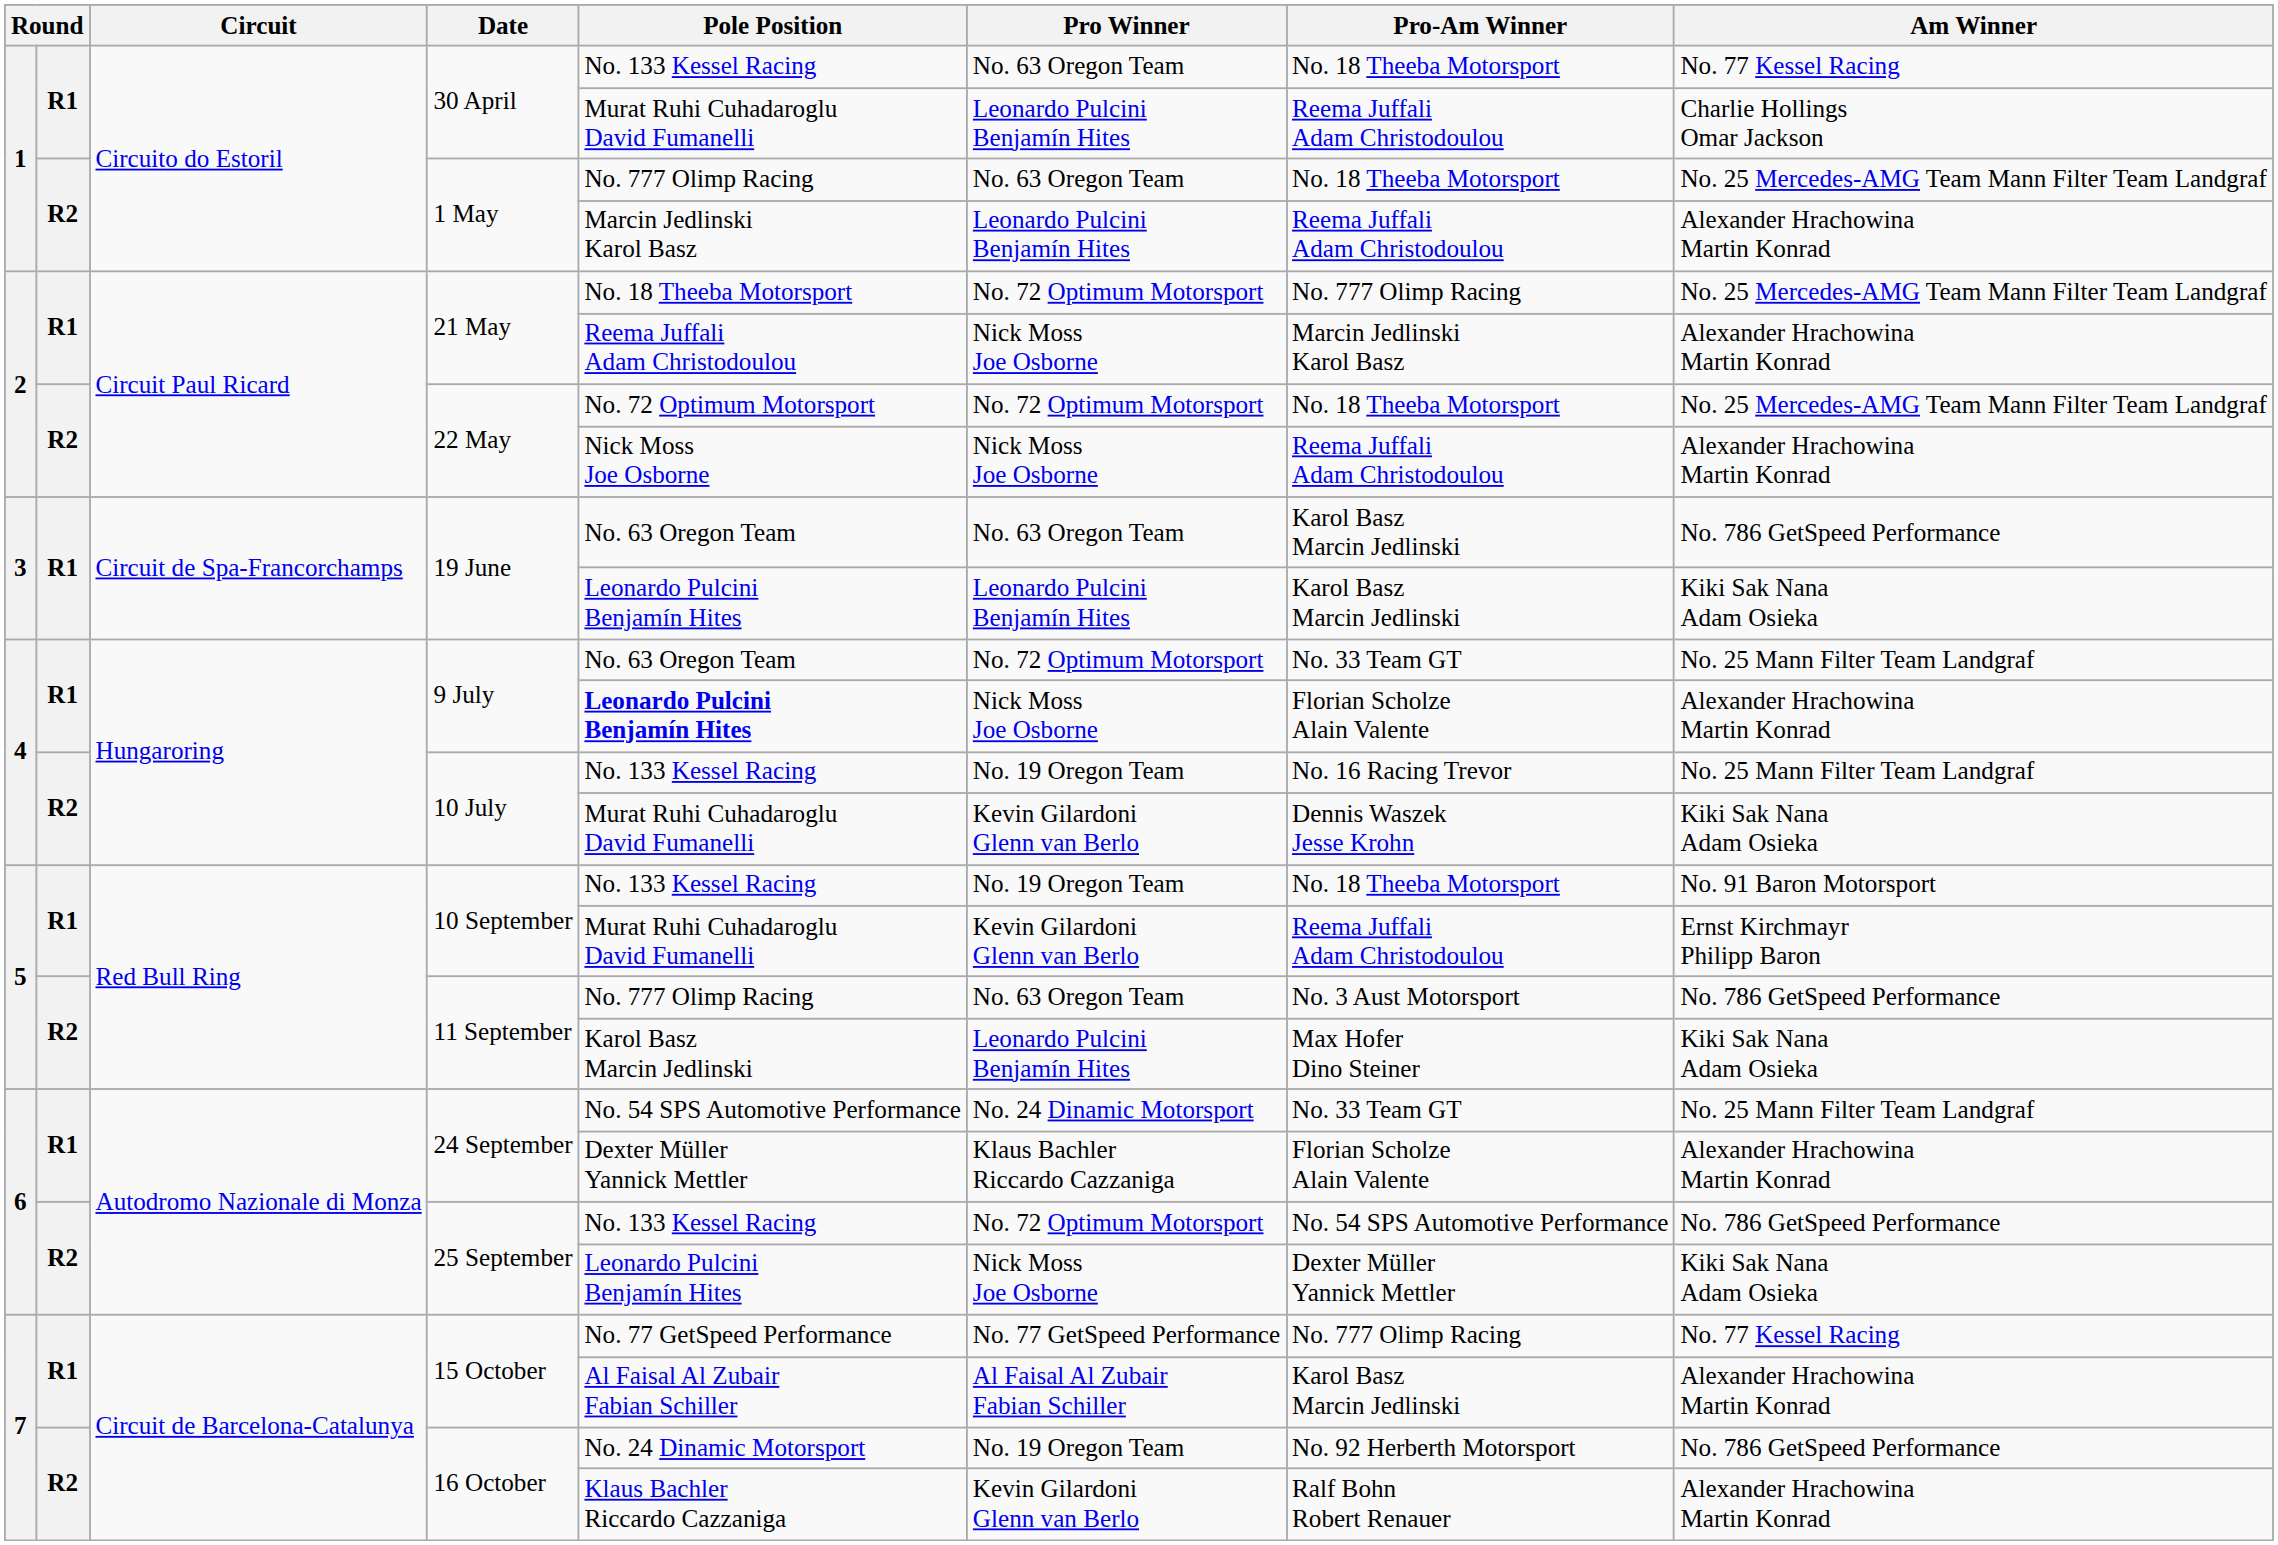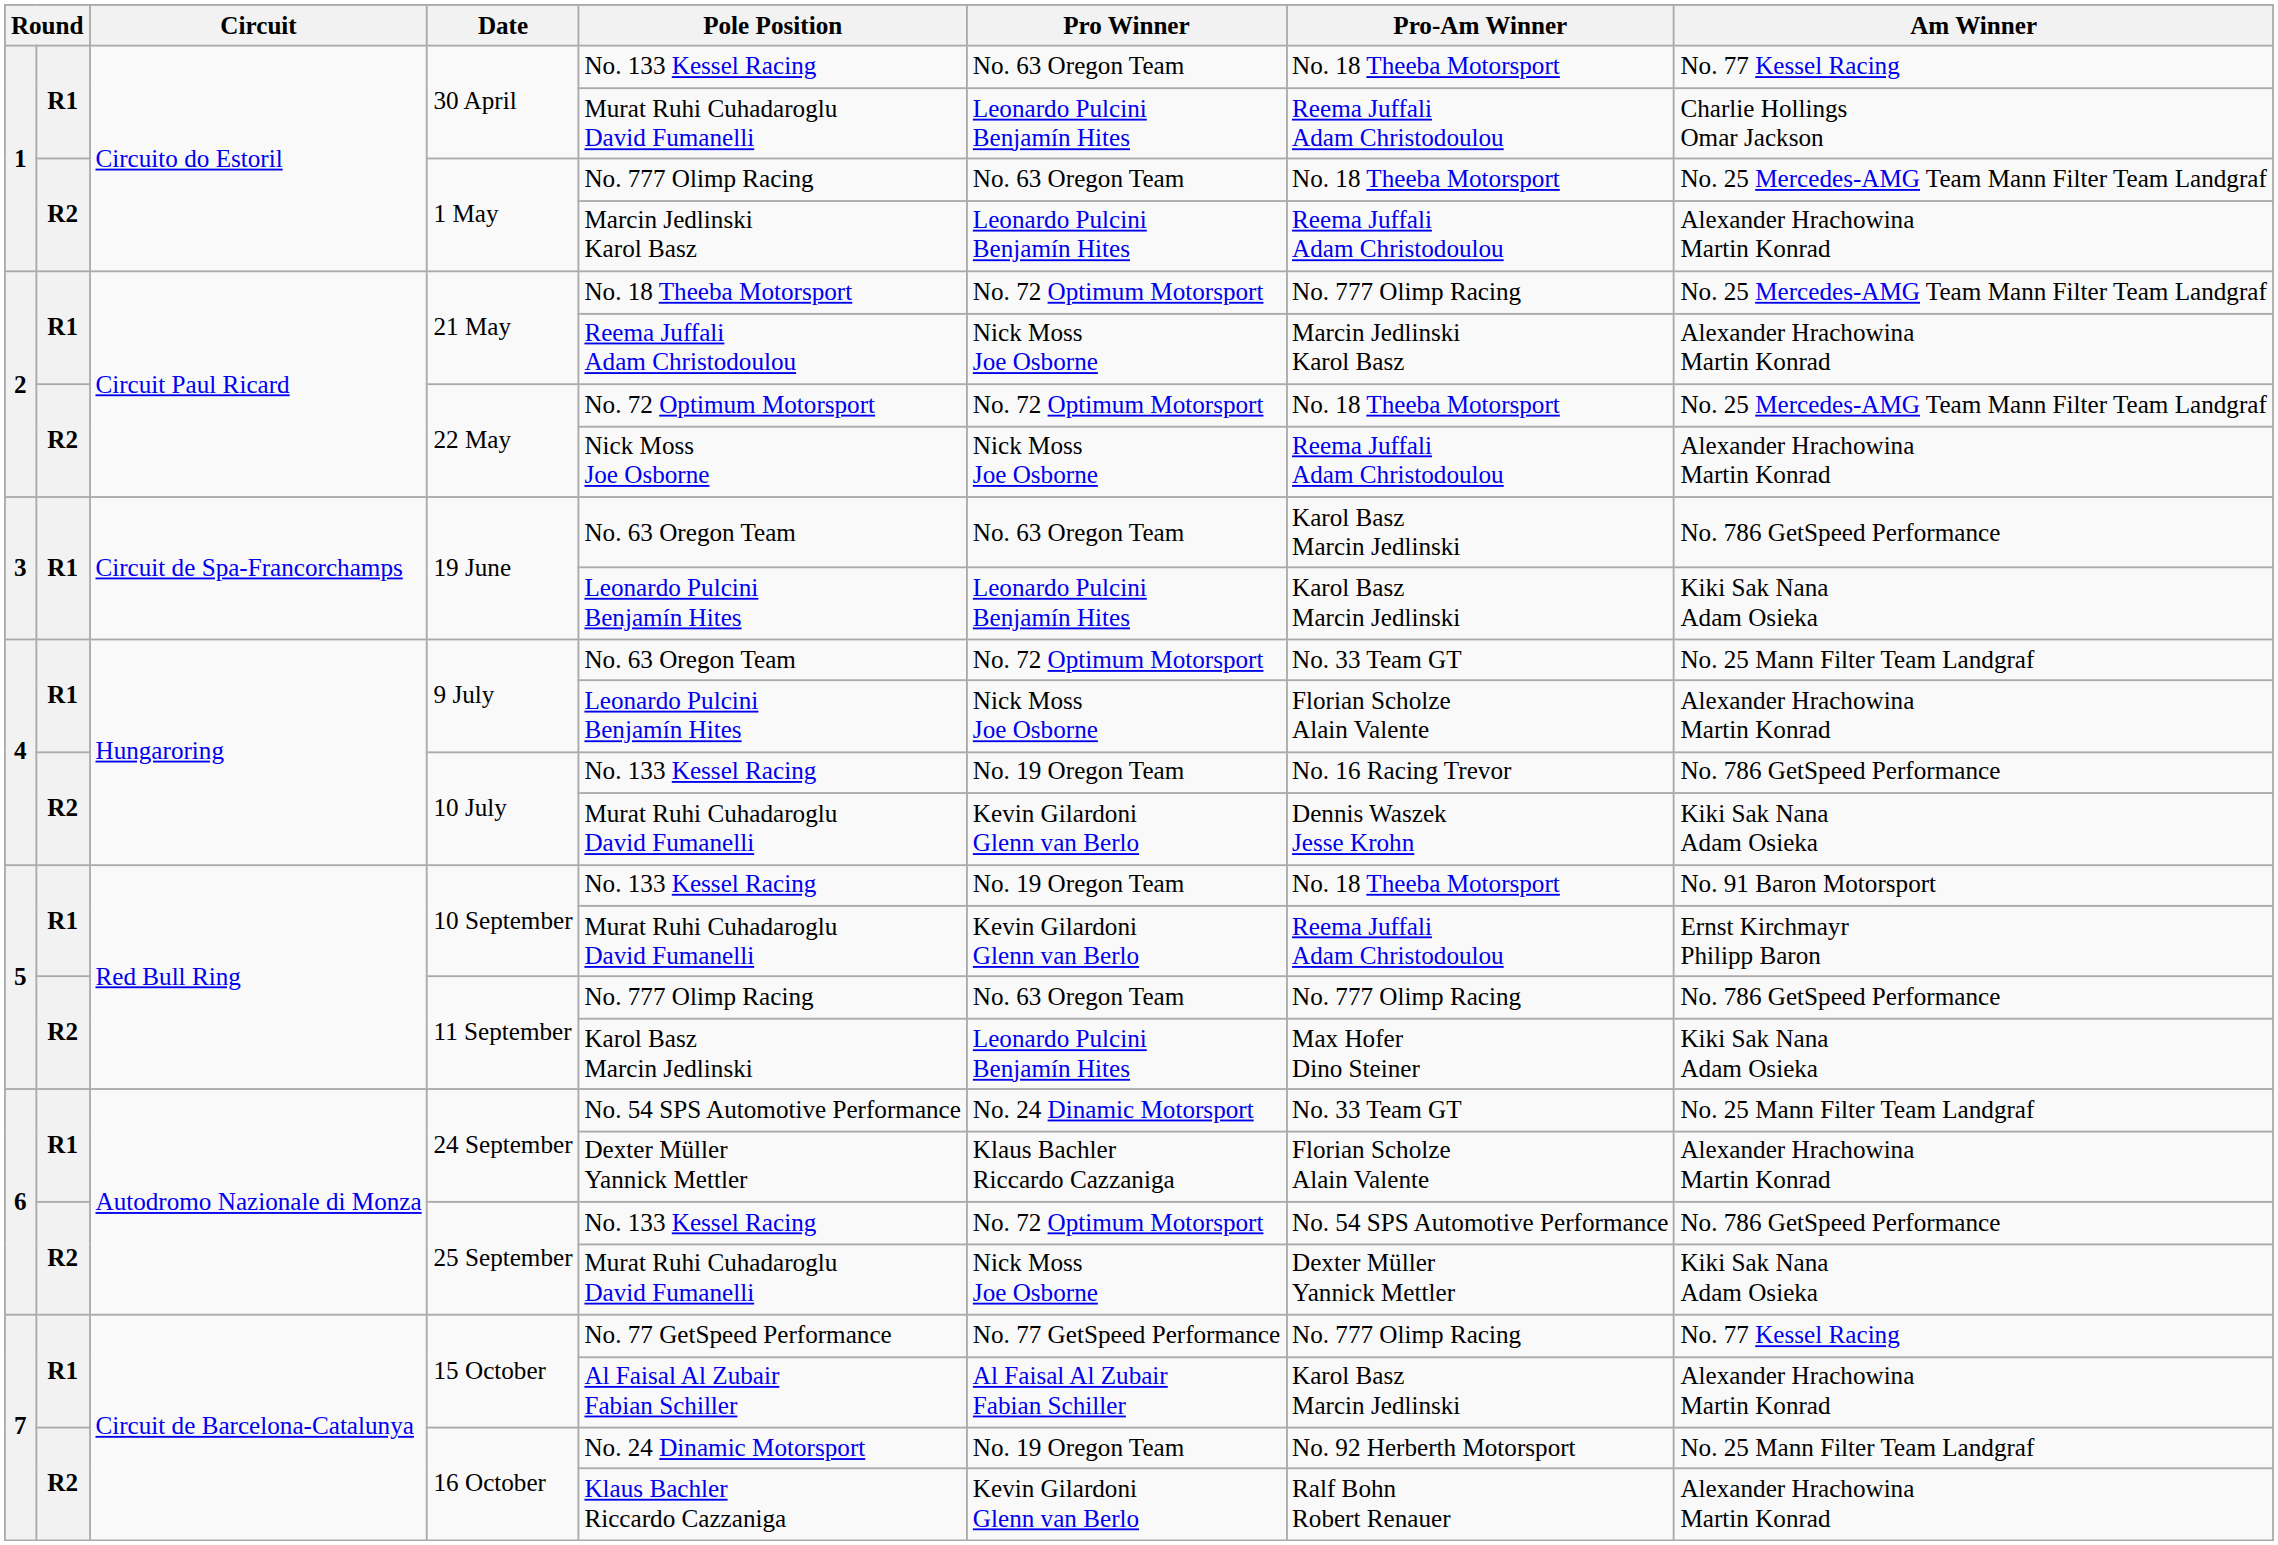 <table class="wikitable" style="font-size: 85%;">
 <tr>
 <th colspan="2">Round</th>
 <th>Circuit</th>
 <th>Date</th>
 <th>Pole Position</th>
 <th>Pro Winner</th>
 <th>Pro-Am Winner</th>
 <th>Am Winner</th>
 </tr>
 <tr>
 <th rowspan="4">1</th>
 <th rowspan="2">R1</th>
 <td rowspan="4"> <a href='#'>Circuito do Estoril</a></td>
 <td rowspan="2">30 April</td>
 <td nowrap> No. 133 <a href='#'>Kessel Racing</a></td>
 <td nowrap> No. 63 Oregon Team</td>
 <td nowrap> No. 18 <a href='#'>Theeba Motorsport</a></td>
 <td nowrap> No. 77 <a href='#'>Kessel Racing</a></td>
 </tr>
 <tr>
 <td nowrap> Murat Ruhi Cuhadaroglu<br> <a href='#'>David Fumanelli</a></td>
 <td nowrap> <a href='#'>Leonardo Pulcini</a><br> <a href='#'>Benjamín Hites</a></td>
 <td nowrap> <a href='#'>Reema Juffali</a><br> <a href='#'>Adam Christodoulou</a></td>
 <td nowrap> Charlie Hollings<br> Omar Jackson</td>
 </tr>
 <tr>
 <th rowspan="2">R2</th>
 <td rowspan="2">1 May</td>
 <td nowrap> No. 777 Olimp Racing</td>
 <td nowrap> No. 63 Oregon Team</td>
 <td nowrap> No. 18 <a href='#'>Theeba Motorsport</a></td>
 <td nowrap> No. 25 <a href='#'>Mercedes-AMG</a> Team Mann Filter Team Landgraf</td>
 </tr>
 <tr>
 <td nowrap> Marcin Jedlinski<br> Karol Basz</td>
 <td nowrap> <a href='#'>Leonardo Pulcini</a><br> <a href='#'>Benjamín Hites</a></td>
 <td nowrap> <a href='#'>Reema Juffali</a><br> <a href='#'>Adam Christodoulou</a></td>
 <td nowrap> Alexander Hrachowina<br> Martin Konrad</td>
 </tr>
 <tr>
 <th rowspan="4">2</th>
 <th rowspan="2">R1</th>
 <td rowspan="4"> <a href='#'>Circuit Paul Ricard</a></td>
 <td rowspan="2">21 May</td>
 <td nowrap> No. 18 <a href='#'>Theeba Motorsport</a></td>
 <td nowrap> No. 72 <a href='#'>Optimum Motorsport</a></td>
 <td nowrap> No. 777 Olimp Racing</td>
 <td nowrap> No. 25 <a href='#'>Mercedes-AMG</a> Team Mann Filter Team Landgraf</td>
 </tr>
 <tr>
 <td nowrap> <a href='#'>Reema Juffali</a><br> <a href='#'>Adam Christodoulou</a></td>
 <td nowrap> Nick Moss<br> <a href='#'>Joe Osborne</a></td>
 <td nowrap> Marcin Jedlinski<br> Karol Basz</td>
 <td nowrap> Alexander Hrachowina<br> Martin Konrad</td>
 </tr>
 <tr>
 <th rowspan="2">R2</th>
 <td rowspan="2">22 May</td>
 <td nowrap> No. 72 <a href='#'>Optimum Motorsport</a></td>
 <td nowrap> No. 72 <a href='#'>Optimum Motorsport</a></td>
 <td nowrap> No. 18 <a href='#'>Theeba Motorsport</a></td>
 <td nowrap> No. 25 <a href='#'>Mercedes-AMG</a> Team Mann Filter Team Landgraf</td>
 </tr>
 <tr>
 <td nowrap> Nick Moss<br> <a href='#'>Joe Osborne</a></td>
 <td nowrap> Nick Moss<br> <a href='#'>Joe Osborne</a></td>
 <td nowrap> <a href='#'>Reema Juffali</a><br> <a href='#'>Adam Christodoulou</a></td>
 <td nowrap> Alexander Hrachowina<br> Martin Konrad</td>
 </tr>
 <tr>
 <th rowspan="2">3</th>
 <th rowspan="2">R1</th>
 <td rowspan="2"> <a href='#'>Circuit de Spa-Francorchamps</a></td>
 <td rowspan="2">19 June</td>
 <td> No. 63 Oregon Team</td>
 <td> No. 63 Oregon Team</td>
 <td> Karol Basz<br> Marcin Jedlinski</td>
 <td> No. 786 GetSpeed Performance</td>
 </tr>
 <tr>
 <td> <a href='#'>Leonardo Pulcini</a><br> <a href='#'>Benjamín Hites</a></td>
 <td> <a href='#'>Leonardo Pulcini</a><br> <a href='#'>Benjamín Hites</a></td>
 <td> Karol Basz<br> Marcin Jedlinski</td>
 <td> Kiki Sak Nana<br> Adam Osieka</td>
 </tr>
 <tr>
 <th rowspan="4">4</th>
 <th rowspan="2">R1</th>
 <td rowspan="4"> <a href='#'>Hungaroring</a></td>
 <td rowspan="2">9 July</td>
 <td> No. 63 Oregon Team</td>
 <td> No. 72 <a href='#'>Optimum Motorsport</a></td>
 <td> No. 33 Team GT</td>
 <td> No. 25 Mann Filter Team Landgraf</td>
 </tr>
 <tr>
-<td><strong> <a href='#'>Leonardo Pulcini</a><br> <a href='#'>Benjamín Hites</a></strong></td>
+<td> <a href='#'>Leonardo Pulcini</a><br> <a href='#'>Benjamín Hites</a></td>
 <td> Nick Moss<br> <a href='#'>Joe Osborne</a></td>
 <td> Florian Scholze<br> Alain Valente</td>
 <td> Alexander Hrachowina<br> Martin Konrad</td>
 </tr>
 <tr>
 <th rowspan="2">R2</th>
 <td rowspan="2">10 July</td>
 <td> No. 133 <a href='#'>Kessel Racing</a></td>
 <td> No. 19 Oregon Team</td>
 <td> No. 16 Racing Trevor</td>
-<td> No. 25 Mann Filter Team Landgraf</td>
+<td> No. 786 GetSpeed Performance</td>
 </tr>
 <tr>
 <td> Murat Ruhi Cuhadaroglu<br> <a href='#'>David Fumanelli</a></td>
 <td> Kevin Gilardoni<br> <a href='#'>Glenn van Berlo</a></td>
 <td> Dennis Waszek<br> <a href='#'>Jesse Krohn</a></td>
 <td> Kiki Sak Nana<br> Adam Osieka</td>
 </tr>
 <tr>
 <th rowspan="4">5</th>
 <th rowspan="2">R1</th>
 <td rowspan="4"> <a href='#'>Red Bull Ring</a></td>
 <td rowspan="2">10 September</td>
 <td> No. 133 <a href='#'>Kessel Racing</a></td>
 <td> No. 19 Oregon Team</td>
 <td> No. 18 <a href='#'>Theeba Motorsport</a></td>
 <td> No. 91 Baron Motorsport</td>
 </tr>
 <tr>
 <td> Murat Ruhi Cuhadaroglu<br> <a href='#'>David Fumanelli</a></td>
 <td> Kevin Gilardoni<br> <a href='#'>Glenn van Berlo</a></td>
 <td> <a href='#'>Reema Juffali</a><br> <a href='#'>Adam Christodoulou</a></td>
 <td> Ernst Kirchmayr<br> Philipp Baron</td>
 </tr>
 <tr>
 <th rowspan="2">R2</th>
 <td rowspan="2">11 September</td>
 <td> No. 777 Olimp Racing</td>
 <td> No. 63 Oregon Team</td>
-<td> No. 3 Aust Motorsport</td>
+<td nowrap> No. 777 Olimp Racing</td>
 <td> No. 786 GetSpeed Performance</td>
 </tr>
 <tr>
 <td> Karol Basz<br> Marcin Jedlinski</td>
 <td> <a href='#'>Leonardo Pulcini</a><br> <a href='#'>Benjamín Hites</a></td>
 <td> Max Hofer<br> Dino Steiner</td>
 <td> Kiki Sak Nana<br> Adam Osieka</td>
 </tr>
 <tr>
 <th rowspan="4">6</th>
 <th rowspan="2">R1</th>
 <td rowspan="4" nowrap> <a href='#'>Autodromo Nazionale di Monza</a></td>
 <td rowspan="2" nowrap>24 September</td>
 <td nowrap> No. 54 SPS Automotive Performance</td>
 <td> No. 24 <a href='#'>Dinamic Motorsport</a></td>
 <td> No. 33 Team GT</td>
 <td> No. 25 Mann Filter Team Landgraf</td>
 </tr>
 <tr>
 <td> Dexter Müller<br> Yannick Mettler</td>
 <td> Klaus Bachler<br> Riccardo Cazzaniga</td>
 <td> Florian Scholze<br> Alain Valente</td>
 <td> Alexander Hrachowina<br> Martin Konrad</td>
 </tr>
 <tr>
 <th rowspan="2">R2</th>
 <td rowspan="2">25 September</td>
 <td> No. 133 <a href='#'>Kessel Racing</a></td>
 <td> No. 72 <a href='#'>Optimum Motorsport</a></td>
 <td nowrap> No. 54 SPS Automotive Performance</td>
 <td> No. 786 GetSpeed Performance</td>
 </tr>
 <tr>
-<td> <a href='#'>Leonardo Pulcini</a><br> <a href='#'>Benjamín Hites</a></td>
+<td> Murat Ruhi Cuhadaroglu<br> <a href='#'>David Fumanelli</a></td>
 <td> Nick Moss<br> <a href='#'>Joe Osborne</a></td>
 <td> Dexter Müller<br> Yannick Mettler</td>
 <td> Kiki Sak Nana<br> Adam Osieka</td>
 </tr>
 <tr>
 <th rowspan="4">7</th>
 <th rowspan="2">R1</th>
 <td rowspan="4" nowrap> <a href='#'>Circuit de Barcelona-Catalunya</a></td>
 <td rowspan="2">15 October</td>
 <td nowrap> No. 77 GetSpeed Performance</td>
 <td nowrap> No. 77 GetSpeed Performance</td>
 <td nowrap> No. 777 Olimp Racing</td>
 <td nowrap> No. 77 <a href='#'>Kessel Racing</a></td>
 </tr>
 <tr>
 <td> <a href='#'>Al Faisal Al Zubair</a><br> <a href='#'>Fabian Schiller</a></td>
 <td> <a href='#'>Al Faisal Al Zubair</a><br> <a href='#'>Fabian Schiller</a></td>
 <td> Karol Basz<br> Marcin Jedlinski</td>
 <td> Alexander Hrachowina<br> Martin Konrad</td>
 </tr>
 <tr>
 <th rowspan="2">R2</th>
 <td rowspan="2">16 October</td>
 <td> No. 24 <a href='#'>Dinamic Motorsport</a></td>
 <td> No. 19 Oregon Team</td>
 <td> No. 92 Herberth Motorsport</td>
-<td> No. 786 GetSpeed Performance</td>
+<td> No. 25 Mann Filter Team Landgraf</td>
 </tr>
 <tr>
 <td> <a href='#'>Klaus Bachler</a><br> Riccardo Cazzaniga</td>
 <td> Kevin Gilardoni<br> <a href='#'>Glenn van Berlo</a></td>
 <td> Ralf Bohn<br> Robert Renauer</td>
 <td> Alexander Hrachowina<br> Martin Konrad</td>
 </tr>
 </table>
